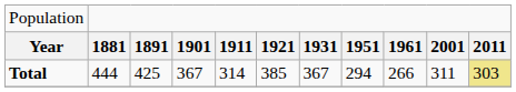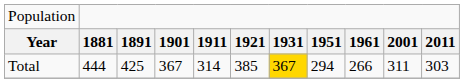 <table class="wikitable">
 <tr>
 <td>Population</td>
 </tr>
 <tr>
 <th>Year</th>
 <th>1881</th>
 <th>1891</th>
 <th>1901</th>
 <th>1911</th>
 <th>1921</th>
 <th>1931</th>
 <th>1951</th>
 <th>1961</th>
 <th>2001</th>
 <th>2011</th>
 </tr>
 <tr>
-<td><strong>Total</strong></td>
+<td>Total</td>
 <td>444</td>
 <td>425</td>
 <td>367</td>
 <td>314</td>
 <td>385</td>
-<td>367</td>
+<td style="background: gold;">367</td>
 <td>294</td>
 <td>266</td>
 <td>311</td>
-<td style="background: khaki;">303</td>
+<td>303</td>
 </tr>
 <tr>
 </tr>
 </table>
